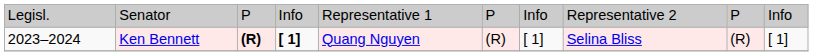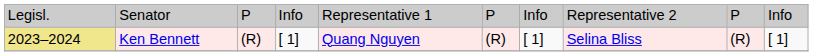 <table class=wikitable width="100%" border="1">
 <tr style="background-color:#cccccc;">
 <td>Legisl.</td>
 <td>Senator</td>
 <td>P</td>
 <td>Info</td>
 <td>Representative 1</td>
 <td>P</td>
 <td>Info</td>
 <td>Representative 2</td>
 <td>P</td>
 <td>Info</td>
 </tr>
 <tr>
-<td>2023–2024</td>
+<td style="background: khaki;">2023–2024</td>
 <td style="background:#FFE8E8"><a href='#'>Ken Bennett</a></td>
-<td style="background:#FFE8E8"><strong>(R)</strong></td>
-<td><strong>[ 1]</strong></td>
+<td style="background:#FFE8E8">(R)</td>
+<td>[ 1]</td>
 <td style="background:#FFE8E8"><a href='#'>Quang Nguyen</a></td>
 <td style="background:#FFE8E8">(R)</td>
 <td>[ 1]</td>
 <td style="background:#FFE8E8"><a href='#'>Selina Bliss</a></td>
 <td style="background:#FFE8E8">(R)</td>
 <td>[ 1]</td>
 </tr>
 <tr>
 </tr>
 </table>
